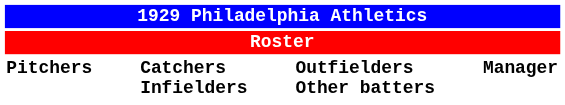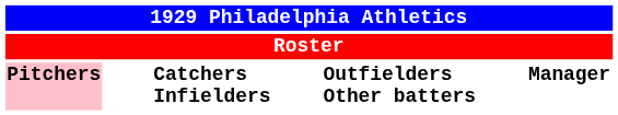 <table class="toccolours" style="font-size: 95%;">
 <tr>
 <th colspan="10" style="background-color: #0000FF; color: #FFFFFF; text-align: center;">1929 Philadelphia Athletics</th>
 </tr>
 <tr>
 <td colspan="10" style="background-color: #FF0000; color: #FFFFFF; text-align: center;"><strong>Roster</strong></td>
 </tr>
 <tr>
-<td valign="top"><strong>Pitchers</strong><br>         </td>
+<td valign="top" style="background: pink;"><strong>Pitchers</strong><br>         </td>
 <td width="25px"></td>
 <td valign="top"><strong>Catchers</strong><br>   <strong>Infielders</strong>           </td>
 <td width="25px"></td>
 <td valign="top"><strong>Outfielders</strong><br>       <strong>Other batters</strong> </td>
 <td width="25px"></td>
 <td valign="top"><strong>Manager</strong><br></td>
 </tr>
 </table>
